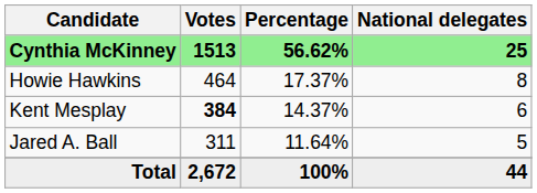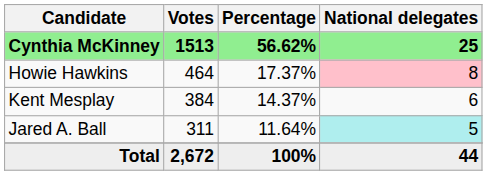 <table class="wikitable" style=" text-align:right;">
 <tr>
 <th>Candidate</th>
 <th>Votes</th>
 <th>Percentage</th>
 <th>National delegates</th>
 </tr>
 <tr style="background:lightgreen;">
 <td style="text-align:left;"><strong>Cynthia McKinney</strong></td>
 <td><strong>1513</strong></td>
 <td><strong>56.62%</strong></td>
 <td><strong>25</strong></td>
 </tr>
 <tr>
 <td style="text-align:left;">Howie Hawkins</td>
 <td>464</td>
 <td>17.37%</td>
-<td>8</td>
+<td style="background: pink;">8</td>
 </tr>
 <tr>
 <td style="text-align:left;">Kent Mesplay</td>
-<td><strong>384</strong></td>
+<td>384</td>
 <td>14.37%</td>
 <td>6</td>
 </tr>
 <tr>
 <td style="text-align:left;">Jared A. Ball</td>
 <td>311</td>
 <td>11.64%</td>
-<td>5</td>
+<td style="background: paleturquoise;">5</td>
 </tr>
 <tr>
 </tr>
 <tr style="background:#eee;">
 <td style="margin-right:0.50px"><strong>Total</strong></td>
 <td style="margin-right:0.50px"><strong>2,672</strong></td>
 <td style="margin-right:0.50px"><strong>100%</strong></td>
 <td style="margin-right:0.50px"><strong>44</strong></td>
 </tr>
 </table>
